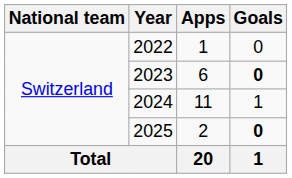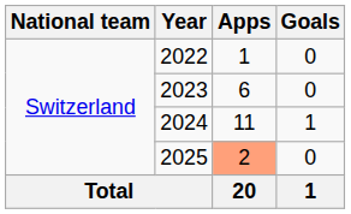 <table class=wikitable style="text-align: center">
 <tr>
 <th>National team</th>
 <th>Year</th>
 <th>Apps</th>
 <th>Goals</th>
 </tr>
 <tr>
 <td rowspan="4"><a href='#'>Switzerland</a></td>
 <td>2022</td>
 <td>1</td>
 <td>0</td>
 </tr>
 <tr>
 <td>2023</td>
 <td>6</td>
-<td><strong>0</strong></td>
+<td>0</td>
 </tr>
 <tr>
 <td>2024</td>
 <td>11</td>
 <td>1</td>
 </tr>
 <tr>
 <td>2025</td>
-<td>2</td>
-<td><strong>0</strong></td>
+<td style="background: lightsalmon;">2</td>
+<td>0</td>
 </tr>
 <tr>
 <th colspan="2">Total</th>
 <th>20</th>
 <th>1</th>
 </tr>
 </table>
